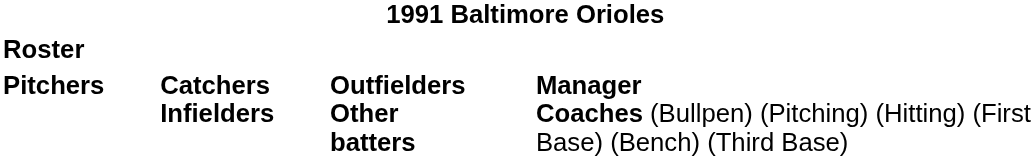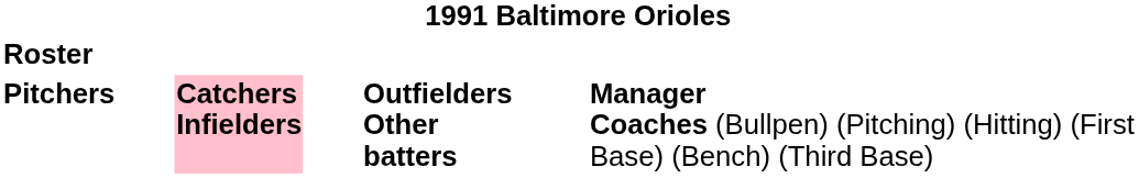 <table class="toccolours" style="font-size: 95%;">
 <tr>
 <th colspan="10">1991 Baltimore Orioles</th>
 </tr>
 <tr>
 <td colspan="10"><strong>Roster</strong></td>
 </tr>
 <tr>
 <td valign="top"><strong>Pitchers</strong><br>                   </td>
 <td width="25px"></td>
-<td valign="top"><strong>Catchers</strong><br>    <strong>Infielders</strong>          </td>
+<td valign="top" style="background: pink;"><strong>Catchers</strong><br>    <strong>Infielders</strong>          </td>
 <td width="25px"></td>
 <td valign="top"><strong>Outfielders</strong><br>       <strong>Other batters</strong> </td>
 <td width="25px"></td>
 <td valign="top"><strong>Manager</strong><br>  <strong>Coaches</strong>  (Bullpen)  (Pitching)  (Hitting)  (First Base)  (Bench)  (Third Base)</td>
 </tr>
 <tr>
 </tr>
 </table>
